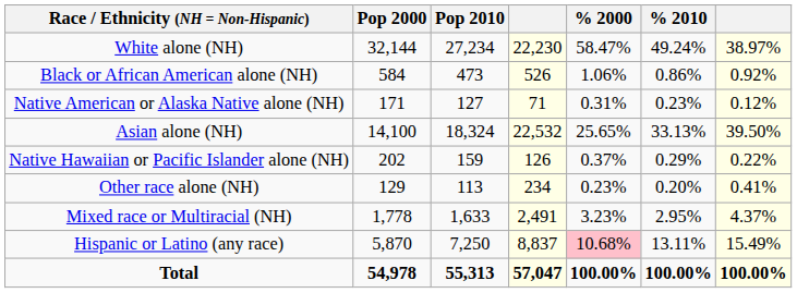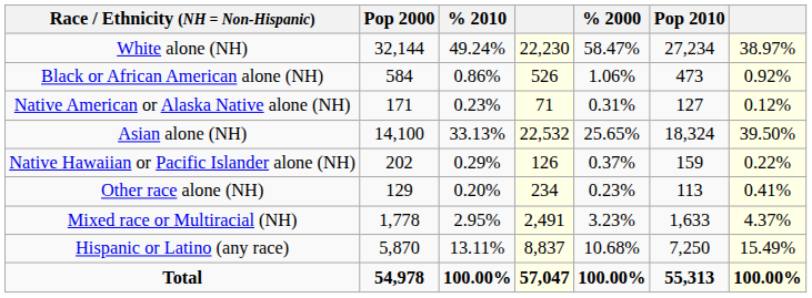 <table class="wikitable" style="text-align:center;">
 <tr>
 <th>Race / Ethnicity <small>(<em>NH = Non-Hispanic</em>)</small></th>
 <th>Pop 2000</th>
-<th>Pop 2010</th>
+<th>% 2010</th>
 <th></th>
 <th>% 2000</th>
-<th>% 2010</th>
+<th>Pop 2010</th>
 <th></th>
 </tr>
 <tr>
 <td><a href='#'>White</a> alone (NH)</td>
 <td>32,144</td>
-<td>27,234</td>
+<td>49.24%</td>
 <td style='background: #ffffe6;'>22,230</td>
 <td>58.47%</td>
-<td>49.24%</td>
+<td>27,234</td>
 <td style='background: #ffffe6;'>38.97%</td>
 </tr>
 <tr>
 <td><a href='#'>Black or African American</a> alone (NH)</td>
 <td>584</td>
-<td>473</td>
+<td>0.86%</td>
 <td style='background: #ffffe6;'>526</td>
 <td>1.06%</td>
-<td>0.86%</td>
+<td>473</td>
 <td style='background: #ffffe6;'>0.92%</td>
 </tr>
 <tr>
 <td><a href='#'>Native American</a> or <a href='#'>Alaska Native</a> alone (NH)</td>
 <td>171</td>
-<td>127</td>
+<td>0.23%</td>
 <td style='background: #ffffe6;'>71</td>
 <td>0.31%</td>
-<td>0.23%</td>
+<td>127</td>
 <td style='background: #ffffe6;'>0.12%</td>
 </tr>
 <tr>
 <td><a href='#'>Asian</a> alone (NH)</td>
 <td>14,100</td>
-<td>18,324</td>
+<td>33.13%</td>
 <td style='background: #ffffe6;'>22,532</td>
 <td>25.65%</td>
-<td>33.13%</td>
+<td>18,324</td>
 <td style='background: #ffffe6;'>39.50%</td>
 </tr>
 <tr>
 <td><a href='#'>Native Hawaiian</a> or <a href='#'>Pacific Islander</a> alone (NH)</td>
 <td>202</td>
-<td>159</td>
+<td>0.29%</td>
 <td style='background: #ffffe6;'>126</td>
 <td>0.37%</td>
-<td>0.29%</td>
+<td>159</td>
 <td style='background: #ffffe6;'>0.22%</td>
 </tr>
 <tr>
 <td><a href='#'>Other race</a> alone (NH)</td>
 <td>129</td>
-<td>113</td>
+<td>0.20%</td>
 <td style='background: #ffffe6;'>234</td>
 <td>0.23%</td>
-<td>0.20%</td>
+<td>113</td>
 <td style='background: #ffffe6;'>0.41%</td>
 </tr>
 <tr>
 <td><a href='#'>Mixed race or Multiracial</a> (NH)</td>
 <td>1,778</td>
-<td>1,633</td>
+<td>2.95%</td>
 <td style='background: #ffffe6;'>2,491</td>
 <td>3.23%</td>
-<td>2.95%</td>
+<td>1,633</td>
 <td style='background: #ffffe6;'>4.37%</td>
 </tr>
 <tr>
 <td><a href='#'>Hispanic or Latino</a> (any race)</td>
 <td>5,870</td>
+<td>13.11%</td>
+<td style='background: #ffffe6;'>8,837</td>
+<td>10.68%</td>
 <td>7,250</td>
-<td style='background: #ffffe6;'>8,837</td>
-<td style="background: pink;">10.68%</td>
-<td>13.11%</td>
 <td style='background: #ffffe6;'>15.49%</td>
 </tr>
 <tr>
 <td><strong>Total</strong></td>
 <td><strong>54,978</strong></td>
-<td><strong>55,313</strong></td>
+<td><strong>100.00%</strong></td>
 <td style='background: #ffffe6;'><strong>57,047</strong></td>
 <td><strong>100.00%</strong></td>
-<td><strong>100.00%</strong></td>
+<td><strong>55,313</strong></td>
 <td style='background: #ffffe6;'><strong>100.00%</strong></td>
 </tr>
 </table>
